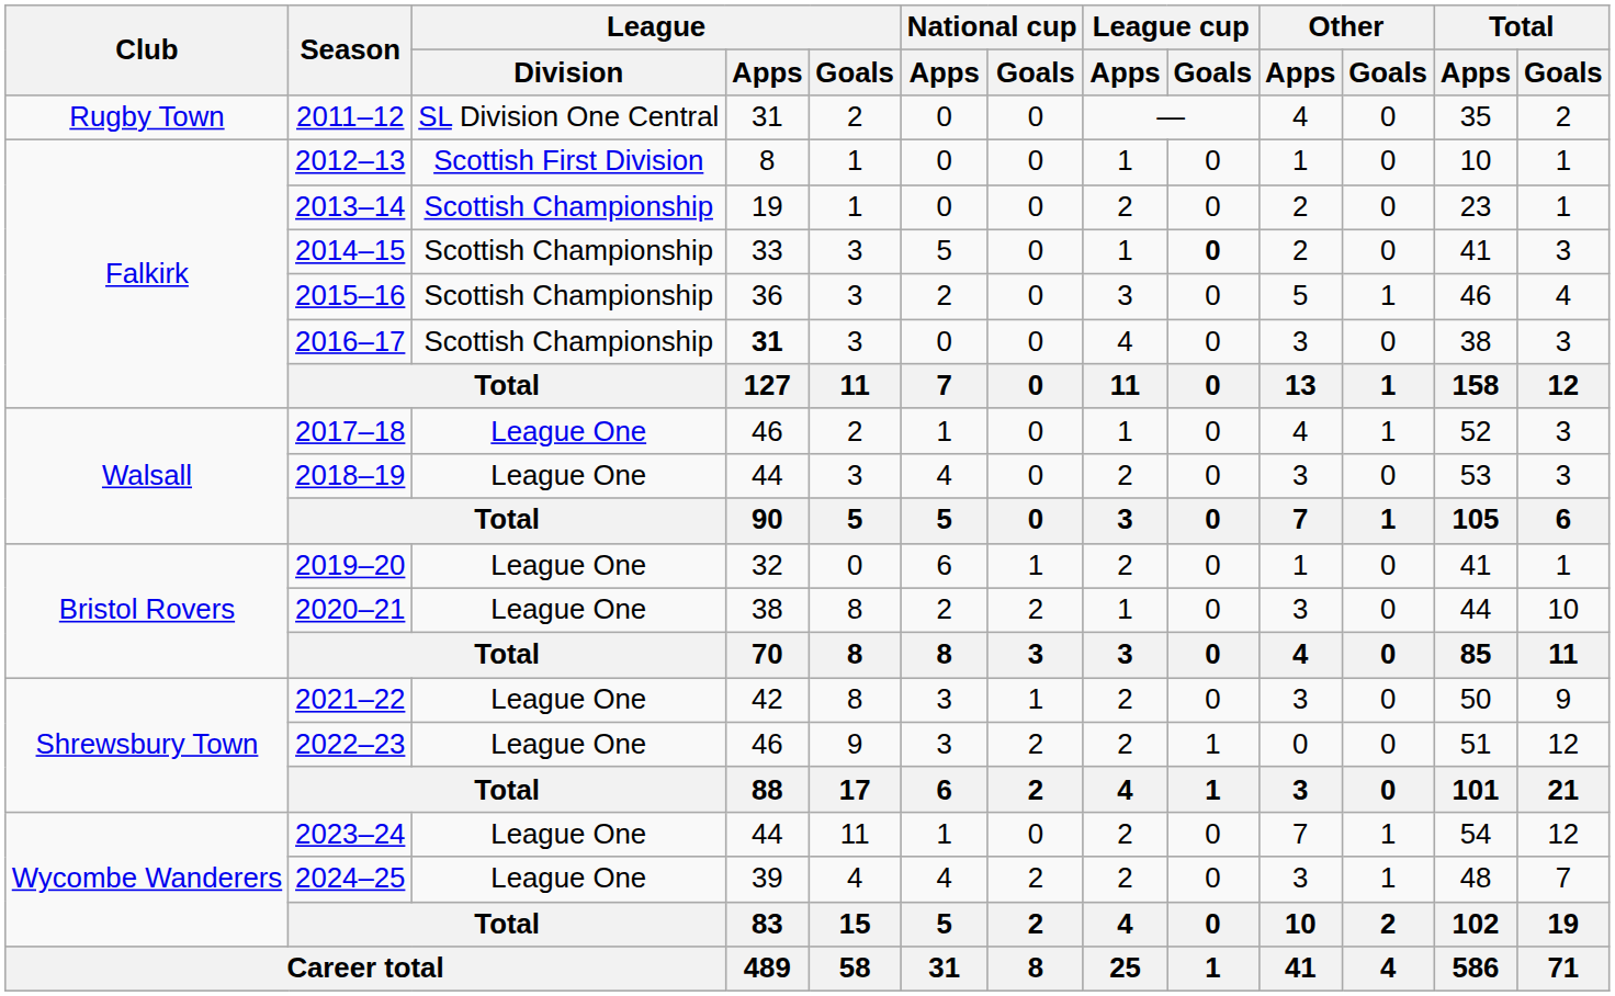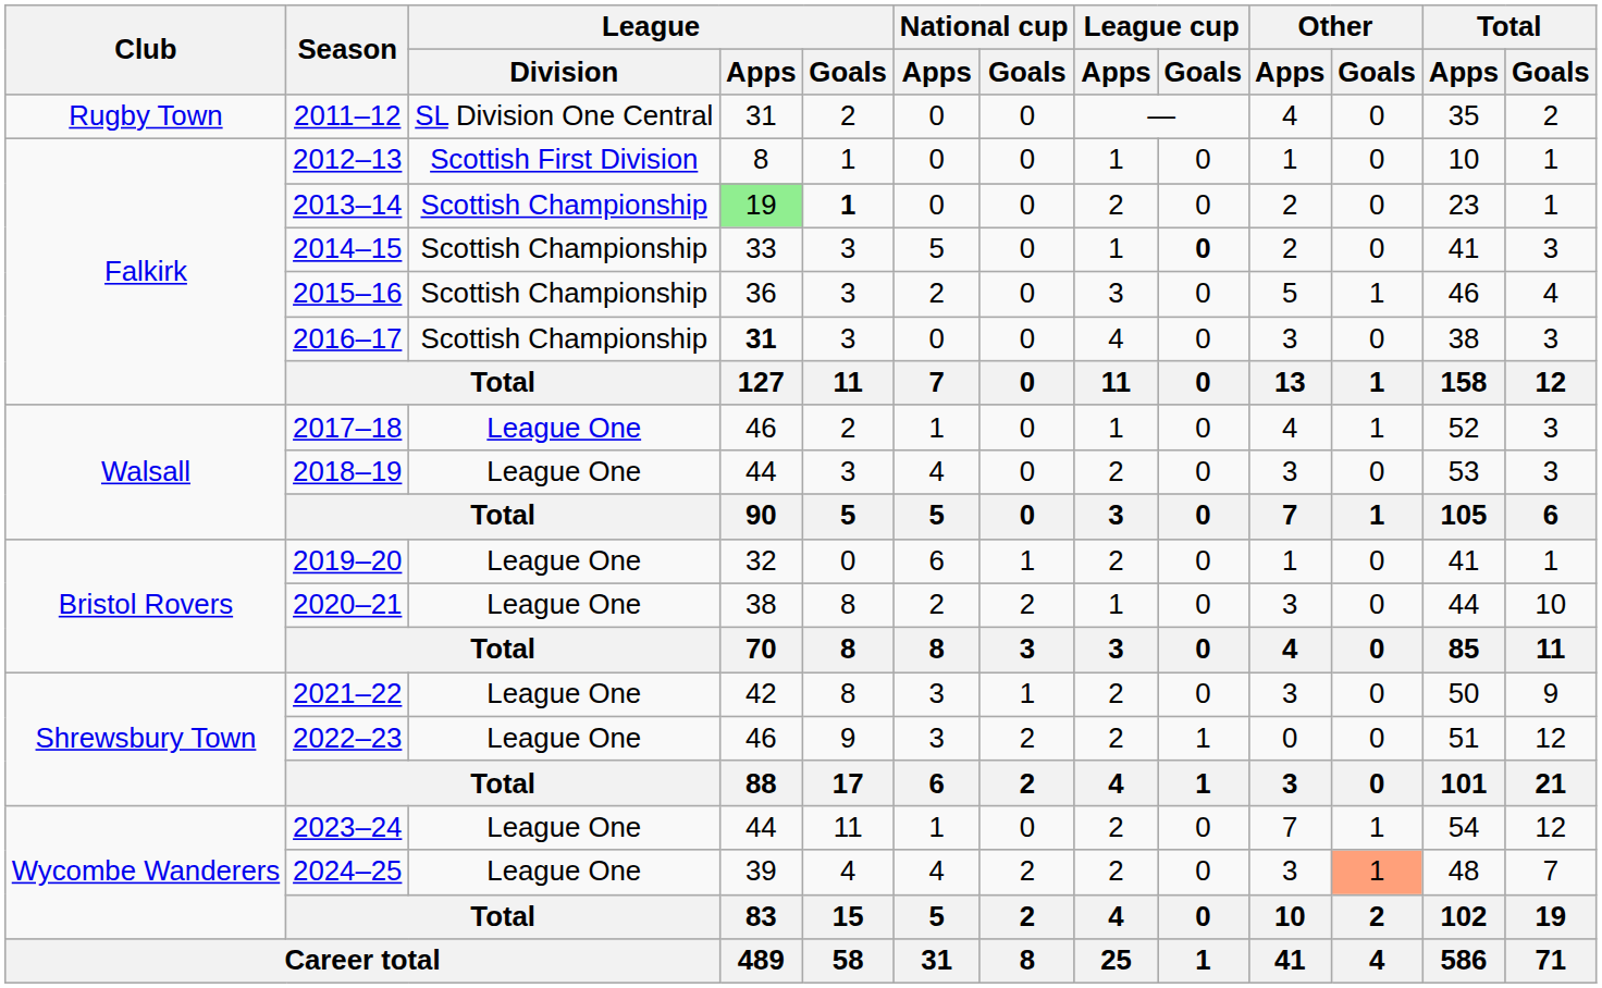 <table class=wikitable style="text-align: center">
 <tr>
 <th rowspan=2>Club</th>
 <th rowspan=2>Season</th>
 <th colspan=3>League</th>
 <th colspan=2>National cup</th>
 <th colspan=2>League cup</th>
 <th colspan=2>Other</th>
 <th colspan=2>Total</th>
 </tr>
 <tr>
 <th>Division</th>
 <th>Apps</th>
 <th>Goals</th>
 <th>Apps</th>
 <th>Goals</th>
 <th>Apps</th>
 <th>Goals</th>
 <th>Apps</th>
 <th>Goals</th>
 <th>Apps</th>
 <th>Goals</th>
 </tr>
 <tr>
 <td><a href='#'>Rugby Town</a></td>
 <td><a href='#'>2011–12</a></td>
 <td><a href='#'>SL</a> Division One Central</td>
 <td>31</td>
 <td>2</td>
 <td>0</td>
 <td>0</td>
 <td colspan=2>—</td>
 <td>4</td>
 <td>0</td>
 <td>35</td>
 <td>2</td>
 </tr>
 <tr>
 <td rowspan=6><a href='#'>Falkirk</a></td>
 <td><a href='#'>2012–13</a></td>
 <td><a href='#'>Scottish First Division</a></td>
 <td>8</td>
 <td>1</td>
 <td>0</td>
 <td>0</td>
 <td>1</td>
 <td>0</td>
 <td>1</td>
 <td>0</td>
 <td>10</td>
 <td>1</td>
 </tr>
 <tr>
 <td><a href='#'>2013–14</a></td>
 <td><a href='#'>Scottish Championship</a></td>
-<td>19</td>
-<td>1</td>
+<td style="background: lightgreen;">19</td>
+<td><strong>1</strong></td>
 <td>0</td>
 <td>0</td>
 <td>2</td>
 <td>0</td>
 <td>2</td>
 <td>0</td>
 <td>23</td>
 <td>1</td>
 </tr>
 <tr>
 <td><a href='#'>2014–15</a></td>
 <td>Scottish Championship</td>
 <td>33</td>
 <td>3</td>
 <td>5</td>
 <td>0</td>
 <td>1</td>
 <td><strong>0</strong></td>
 <td>2</td>
 <td>0</td>
 <td>41</td>
 <td>3</td>
 </tr>
 <tr>
 <td><a href='#'>2015–16</a></td>
 <td>Scottish Championship</td>
 <td>36</td>
 <td>3</td>
 <td>2</td>
 <td>0</td>
 <td>3</td>
 <td>0</td>
 <td>5</td>
 <td>1</td>
 <td>46</td>
 <td>4</td>
 </tr>
 <tr>
 <td><a href='#'>2016–17</a></td>
 <td>Scottish Championship</td>
 <td><strong>31</strong></td>
 <td>3</td>
 <td>0</td>
 <td>0</td>
 <td>4</td>
 <td>0</td>
 <td>3</td>
 <td>0</td>
 <td>38</td>
 <td>3</td>
 </tr>
 <tr>
 <th colspan=2>Total</th>
 <th>127</th>
 <th>11</th>
 <th>7</th>
 <th>0</th>
 <th>11</th>
 <th>0</th>
 <th>13</th>
 <th>1</th>
 <th>158</th>
 <th>12</th>
 </tr>
 <tr>
 <td rowspan=3><a href='#'>Walsall</a></td>
 <td><a href='#'>2017–18</a></td>
 <td><a href='#'>League One</a></td>
 <td>46</td>
 <td>2</td>
 <td>1</td>
 <td>0</td>
 <td>1</td>
 <td>0</td>
 <td>4</td>
 <td>1</td>
 <td>52</td>
 <td>3</td>
 </tr>
 <tr>
 <td><a href='#'>2018–19</a></td>
 <td>League One</td>
 <td>44</td>
 <td>3</td>
 <td>4</td>
 <td>0</td>
 <td>2</td>
 <td>0</td>
 <td>3</td>
 <td>0</td>
 <td>53</td>
 <td>3</td>
 </tr>
 <tr>
 <th colspan=2>Total</th>
 <th>90</th>
 <th>5</th>
 <th>5</th>
 <th>0</th>
 <th>3</th>
 <th>0</th>
 <th>7</th>
 <th>1</th>
 <th>105</th>
 <th>6</th>
 </tr>
 <tr>
 <td rowspan=3><a href='#'>Bristol Rovers</a></td>
 <td><a href='#'>2019–20</a></td>
 <td>League One</td>
 <td>32</td>
 <td>0</td>
 <td>6</td>
 <td>1</td>
 <td>2</td>
 <td>0</td>
 <td>1</td>
 <td>0</td>
 <td>41</td>
 <td>1</td>
 </tr>
 <tr>
 <td><a href='#'>2020–21</a></td>
 <td>League One</td>
 <td>38</td>
 <td>8</td>
 <td>2</td>
 <td>2</td>
 <td>1</td>
 <td>0</td>
 <td>3</td>
 <td>0</td>
 <td>44</td>
 <td>10</td>
 </tr>
 <tr>
 <th colspan=2>Total</th>
 <th>70</th>
 <th>8</th>
 <th>8</th>
 <th>3</th>
 <th>3</th>
 <th>0</th>
 <th>4</th>
 <th>0</th>
 <th>85</th>
 <th>11</th>
 </tr>
 <tr>
 <td rowspan=3><a href='#'>Shrewsbury Town</a></td>
 <td><a href='#'>2021–22</a></td>
 <td>League One</td>
 <td>42</td>
 <td>8</td>
 <td>3</td>
 <td>1</td>
 <td>2</td>
 <td>0</td>
 <td>3</td>
 <td>0</td>
 <td>50</td>
 <td>9</td>
 </tr>
 <tr>
 <td><a href='#'>2022–23</a></td>
 <td>League One</td>
 <td>46</td>
 <td>9</td>
 <td>3</td>
 <td>2</td>
 <td>2</td>
 <td>1</td>
 <td>0</td>
 <td>0</td>
 <td>51</td>
 <td>12</td>
 </tr>
 <tr>
 <th colspan=2>Total</th>
 <th>88</th>
 <th>17</th>
 <th>6</th>
 <th>2</th>
 <th>4</th>
 <th>1</th>
 <th>3</th>
 <th>0</th>
 <th>101</th>
 <th>21</th>
 </tr>
 <tr>
 <td rowspan=3><a href='#'>Wycombe Wanderers</a></td>
 <td><a href='#'>2023–24</a></td>
 <td>League One</td>
 <td>44</td>
 <td>11</td>
 <td>1</td>
 <td>0</td>
 <td>2</td>
 <td>0</td>
 <td>7</td>
 <td>1</td>
 <td>54</td>
 <td>12</td>
 </tr>
 <tr>
 <td><a href='#'>2024–25</a></td>
 <td>League One</td>
 <td>39</td>
 <td>4</td>
 <td>4</td>
 <td>2</td>
 <td>2</td>
 <td>0</td>
 <td>3</td>
-<td>1</td>
+<td style="background: lightsalmon;">1</td>
 <td>48</td>
 <td>7</td>
 </tr>
 <tr>
 <th colspan=2>Total</th>
 <th>83</th>
 <th>15</th>
 <th>5</th>
 <th>2</th>
 <th>4</th>
 <th>0</th>
 <th>10</th>
 <th>2</th>
 <th>102</th>
 <th>19</th>
 </tr>
 <tr>
 <th colspan=3>Career total</th>
 <th>489</th>
 <th>58</th>
 <th>31</th>
 <th>8</th>
 <th>25</th>
 <th>1</th>
 <th>41</th>
 <th>4</th>
 <th>586</th>
 <th>71</th>
 </tr>
 </table>
